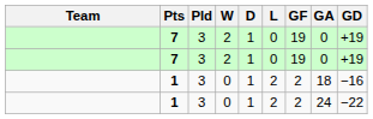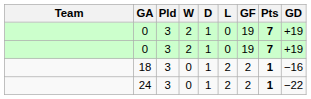 <table class="wikitable" style="text-align: center;">
 <tr>
 <th width=175>Team</th>
-<th width=20 abbr="Points">Pts</th>
+<th width=20 abbr="Goals against">GA</th>
 <th width=20 abbr="Played">Pld</th>
 <th width=20 abbr="Won">W</th>
 <th width=20 abbr="Drawn">D</th>
 <th width=20 abbr="Lost">L</th>
 <th width=20 abbr="Goals for">GF</th>
-<th width=20 abbr="Goals against">GA</th>
+<th width=20 abbr="Points">Pts</th>
 <th width=20 abbr="Goal difference">GD</th>
 </tr>
 <tr style="background:#ccffcc;">
 <td style="text-align:left;"></td>
-<td><strong>7</strong></td>
+<td>0</td>
 <td>3</td>
 <td>2</td>
 <td>1</td>
 <td>0</td>
 <td>19</td>
-<td>0</td>
+<td><strong>7</strong></td>
 <td>+19</td>
 </tr>
 <tr bgcolor=#ccffcc align=center>
 <td style="text-align:left;"></td>
-<td><strong>7</strong></td>
+<td>0</td>
 <td>3</td>
 <td>2</td>
 <td>1</td>
 <td>0</td>
 <td>19</td>
-<td>0</td>
+<td><strong>7</strong></td>
 <td>+19</td>
 </tr>
 <tr align=center>
 <td style="text-align:left;"></td>
-<td><strong>1</strong></td>
+<td>18</td>
 <td>3</td>
 <td>0</td>
 <td>1</td>
 <td>2</td>
 <td>2</td>
-<td>18</td>
+<td><strong>1</strong></td>
 <td>−16</td>
 </tr>
 <tr align=center>
 <td style="text-align:left;"></td>
-<td><strong>1</strong></td>
+<td>24</td>
 <td>3</td>
 <td>0</td>
 <td>1</td>
 <td>2</td>
 <td>2</td>
-<td>24</td>
+<td><strong>1</strong></td>
 <td>−22</td>
 </tr>
 </table>
